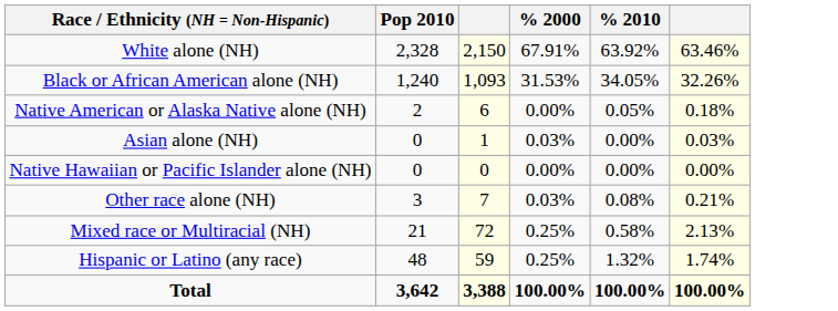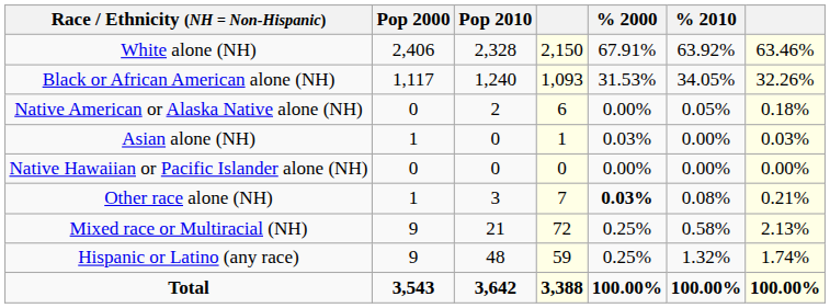 <table class="wikitable" style="text-align:center;">
 <tr>
 <th>Race / Ethnicity <small>(<em>NH = Non-Hispanic</em>)</small></th>
+<th>Pop 2000</th>
 <th>Pop 2010</th>
 <th></th>
 <th>% 2000</th>
 <th>% 2010</th>
 <th></th>
 </tr>
 <tr>
 <td><a href='#'>White</a> alone (NH)</td>
+<td>2,406</td>
 <td>2,328</td>
 <td style='background: #ffffe6;'>2,150</td>
 <td>67.91%</td>
 <td>63.92%</td>
 <td style='background: #ffffe6;'>63.46%</td>
 </tr>
 <tr>
 <td><a href='#'>Black or African American</a> alone (NH)</td>
+<td>1,117</td>
 <td>1,240</td>
 <td style='background: #ffffe6;'>1,093</td>
 <td>31.53%</td>
 <td>34.05%</td>
 <td style='background: #ffffe6;'>32.26%</td>
 </tr>
 <tr>
 <td><a href='#'>Native American</a> or <a href='#'>Alaska Native</a> alone (NH)</td>
+<td>0</td>
 <td>2</td>
 <td style='background: #ffffe6;'>6</td>
 <td>0.00%</td>
 <td>0.05%</td>
 <td style='background: #ffffe6;'>0.18%</td>
 </tr>
 <tr>
 <td><a href='#'>Asian</a> alone (NH)</td>
+<td>1</td>
 <td>0</td>
 <td style='background: #ffffe6;'>1</td>
 <td>0.03%</td>
 <td>0.00%</td>
 <td style='background: #ffffe6;'>0.03%</td>
 </tr>
 <tr>
 <td><a href='#'>Native Hawaiian</a> or <a href='#'>Pacific Islander</a> alone (NH)</td>
 <td>0</td>
+<td>0</td>
 <td style='background: #ffffe6;'>0</td>
 <td>0.00%</td>
 <td>0.00%</td>
 <td style='background: #ffffe6;'>0.00%</td>
 </tr>
 <tr>
 <td><a href='#'>Other race</a> alone (NH)</td>
+<td>1</td>
 <td>3</td>
 <td style='background: #ffffe6;'>7</td>
-<td>0.03%</td>
+<td><strong>0.03%</strong></td>
 <td>0.08%</td>
 <td style='background: #ffffe6;'>0.21%</td>
 </tr>
 <tr>
 <td><a href='#'>Mixed race or Multiracial</a> (NH)</td>
+<td>9</td>
 <td>21</td>
 <td style='background: #ffffe6;'>72</td>
 <td>0.25%</td>
 <td>0.58%</td>
 <td style='background: #ffffe6;'>2.13%</td>
 </tr>
 <tr>
 <td><a href='#'>Hispanic or Latino</a> (any race)</td>
+<td>9</td>
 <td>48</td>
 <td style='background: #ffffe6;'>59</td>
 <td>0.25%</td>
 <td>1.32%</td>
 <td style='background: #ffffe6;'>1.74%</td>
 </tr>
 <tr>
 <td><strong>Total</strong></td>
+<td><strong>3,543</strong></td>
 <td><strong>3,642</strong></td>
 <td style='background: #ffffe6;'><strong>3,388</strong></td>
 <td><strong>100.00%</strong></td>
 <td><strong>100.00%</strong></td>
 <td style='background: #ffffe6;'><strong>100.00%</strong></td>
 </tr>
 </table>
